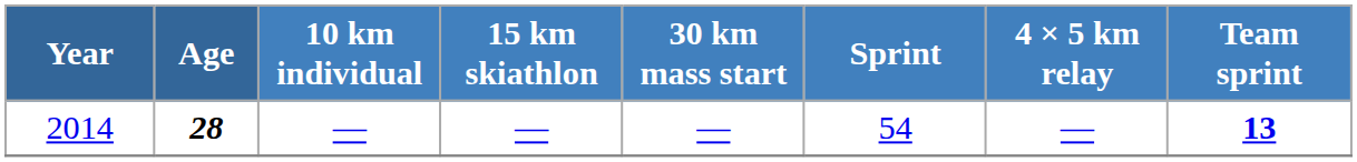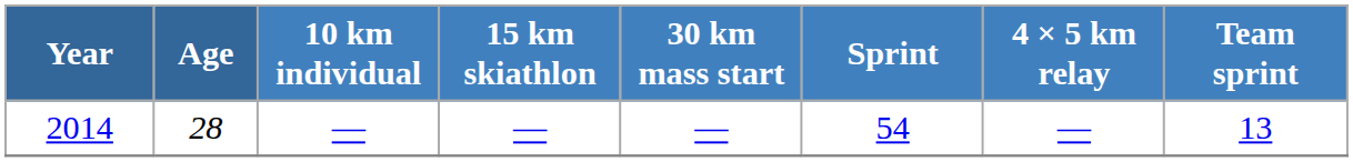 <table class="wikitable" style="font-size:95%; text-align:center; border:grey solid 1px; border-collapse:collapse; background:#ffffff;">
 <tr>
 <th style="background-color:#369; color:white; width:60px;"> Year </th>
 <th style="background-color:#369; color:white; width:40px;"> Age </th>
 <th style="background-color:#4180be; color:white; width:75px;"> 10 km <br> individual </th>
 <th style="background-color:#4180be; color:white; width:75px;"> 15 km <br> skiathlon </th>
 <th style="background-color:#4180be; color:white; width:75px;"> 30 km <br> mass start </th>
 <th style="background-color:#4180be; color:white; width:75px;"> Sprint </th>
 <th style="background-color:#4180be; color:white; width:75px;"> 4 × 5 km <br> relay </th>
 <th style="background-color:#4180be; color:white; width:75px;"> Team <br> sprint </th>
 </tr>
 <tr>
 <td><a href='#'>2014</a></td>
-<td><strong><em>28</em></strong></td>
+<td><em>28</em></td>
 <td><a href='#'>—</a></td>
 <td><a href='#'>—</a></td>
 <td><a href='#'>—</a></td>
 <td><a href='#'>54</a></td>
 <td><a href='#'>—</a></td>
-<td><strong><a href='#'>13</a></strong></td>
+<td><a href='#'>13</a></td>
 </tr>
 <tr>
 </tr>
 </table>
